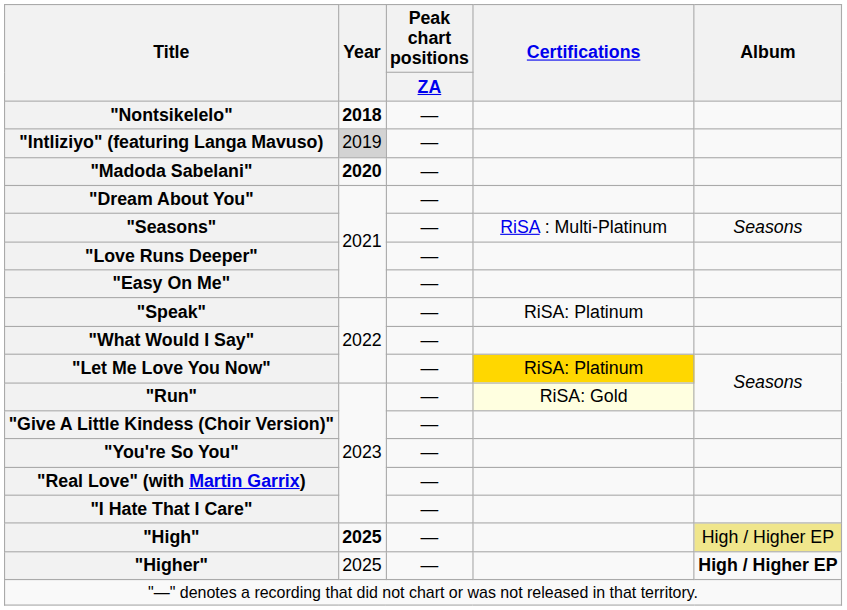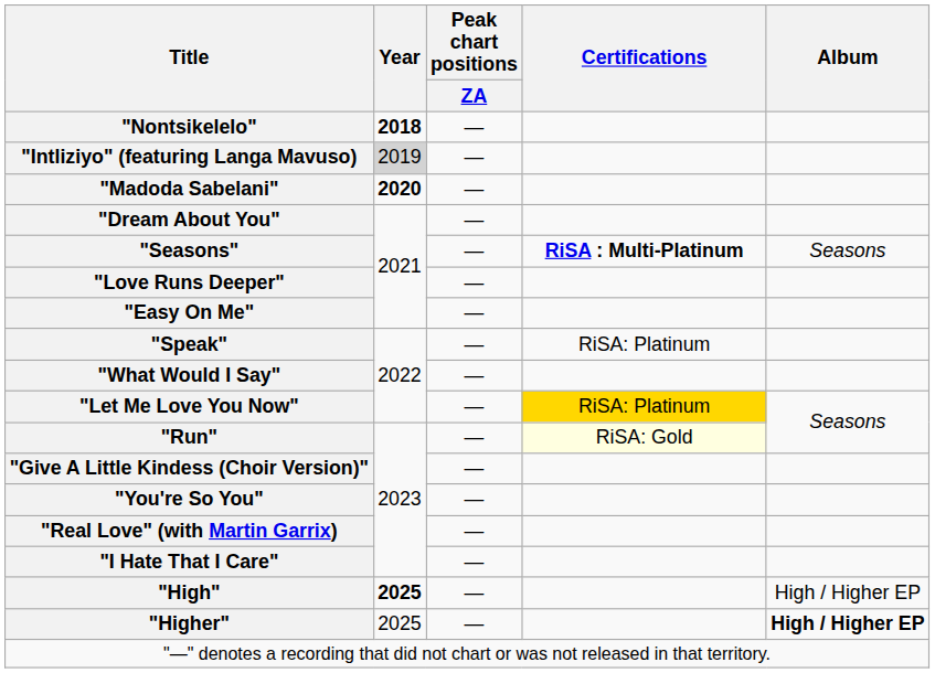 <table class="wikitable plainrowheaders" style="text-align:center;">
 <tr>
 <th scope="col" rowspan="2">Title</th>
 <th scope="col" rowspan="2">Year</th>
 <th scope="col" colspan="1">Peak chart positions</th>
 <th scope="col" rowspan="2" style="width:12em;"><a href='#'>Certifications</a></th>
 <th scope="col" rowspan="2">Album</th>
 </tr>
 <tr>
 <th scope="col" style="width:3em;font-size:100%;"><a href='#'>ZA</a><br></th>
 </tr>
 <tr>
 <th scope="row">"Nontsikelelo"</th>
 <td><strong>2018</strong></td>
 <td>—</td>
 <td></td>
 <td></td>
 </tr>
 <tr>
 <th scope="row">"Intliziyo" (featuring Langa Mavuso)</th>
 <td style="background: lightgrey;">2019</td>
 <td>—</td>
 <td></td>
 <td></td>
 </tr>
 <tr>
 <th scope="row">"Madoda Sabelani"</th>
 <td><strong>2020</strong></td>
 <td>—</td>
 <td></td>
 <td></td>
 </tr>
 <tr>
 <th scope="row">"Dream About You"</th>
 <td rowspan=4>2021</td>
 <td>—</td>
 <td></td>
 <td></td>
 </tr>
 <tr>
 <th scope="row">"Seasons"</th>
 <td>—</td>
-<td><a href='#'>RiSA</a> : Multi-Platinum </td>
+<td><strong><a href='#'>RiSA</a> : Multi-Platinum </strong></td>
 <td><em>Seasons</em></td>
 </tr>
 <tr>
 <th scope="row">"Love Runs Deeper"</th>
 <td>—</td>
 <td></td>
 <td></td>
 </tr>
 <tr>
 <th scope="row">"Easy On Me"</th>
 <td>—</td>
 <td></td>
 <td></td>
 </tr>
 <tr>
 <th scope="row">"Speak"</th>
 <td rowspan=3>2022</td>
 <td>—</td>
 <td>RiSA: Platinum </td>
 <td></td>
 </tr>
 <tr>
 <th scope="row">"What Would I Say"</th>
 <td>—</td>
 <td></td>
 <td></td>
 </tr>
 <tr>
 <th scope="row">"Let Me Love You Now"</th>
 <td>—</td>
 <td style="background: gold;">RiSA: Platinum </td>
 <td rowspan=2><em>Seasons</em></td>
 </tr>
 <tr>
 <th scope="row">"Run"</th>
 <td rowspan=5>2023</td>
 <td>—</td>
 <td style="background: lightyellow;">RiSA: Gold </td>
 </tr>
 <tr>
 <th scope="row">"Give A Little Kindess (Choir Version)"</th>
 <td>—</td>
 <td></td>
 <td></td>
 </tr>
 <tr>
 <th scope="row">"You're So You"</th>
 <td>—</td>
 <td></td>
 <td></td>
 </tr>
 <tr>
 <th scope="row">"Real Love" (with <a href='#'>Martin Garrix</a>)</th>
 <td>—</td>
 <td></td>
 <td></td>
 </tr>
 <tr>
 <th scope="row">"I Hate That I Care"</th>
 <td>—</td>
 <td></td>
 <td></td>
 </tr>
 <tr>
 <th><strong>"High"</strong></th>
 <td><strong>2025</strong></td>
 <td>—</td>
 <td></td>
-<td style="background: khaki;">High / Higher EP</td>
+<td>High / Higher EP</td>
 </tr>
 <tr>
 <th>"Higher"</th>
 <td>2025</td>
 <td>—</td>
 <td></td>
 <td><strong>High / Higher EP</strong></td>
 </tr>
 <tr>
 <td colspan="8" style="font-size:90%">"—" denotes a recording that did not chart or was not released in that territory.</td>
 </tr>
 </table>
